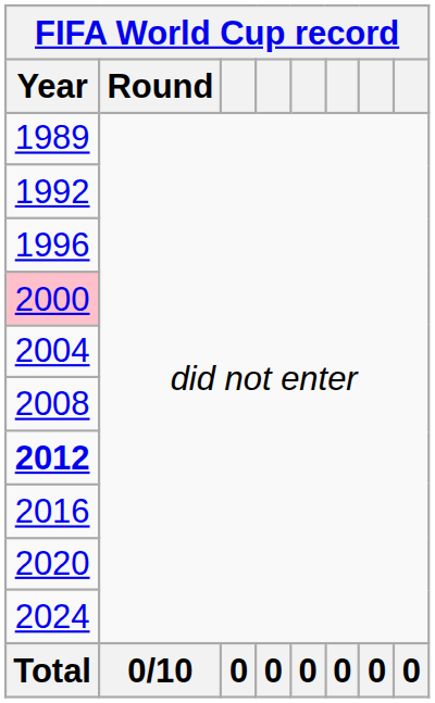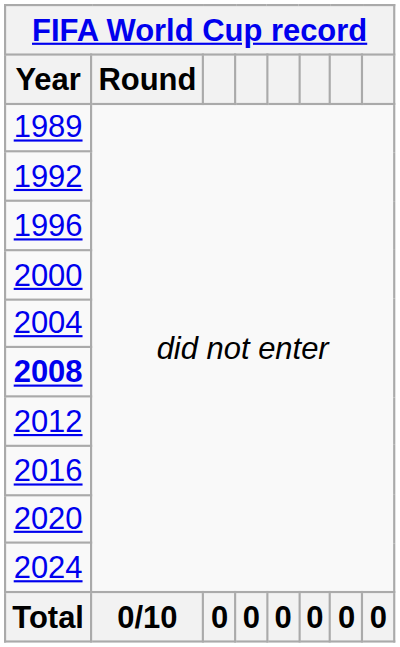 <table class="wikitable" style="text-align: center;font-size:90%;">
 <tr>
 <th colspan=8><a href='#'>FIFA World Cup record</a></th>
 </tr>
 <tr>
 <th>Year</th>
 <th>Round</th>
 <th></th>
 <th></th>
 <th></th>
 <th></th>
 <th></th>
 <th></th>
 </tr>
 <tr>
 <td> <a href='#'>1989</a></td>
 <td colspan=8 rowspan=10><em>did not enter</em></td>
 </tr>
 <tr>
 <td> <a href='#'>1992</a></td>
 </tr>
 <tr>
 <td> <a href='#'>1996</a></td>
 </tr>
 <tr>
-<td style="background: pink;"> <a href='#'>2000</a></td>
+<td> <a href='#'>2000</a></td>
 </tr>
 <tr>
 <td> <a href='#'>2004</a></td>
 </tr>
 <tr>
-<td> <a href='#'>2008</a></td>
+<td><strong> <a href='#'>2008</a></strong></td>
 </tr>
 <tr>
-<td><strong> <a href='#'>2012</a></strong></td>
+<td> <a href='#'>2012</a></td>
 </tr>
 <tr>
 <td> <a href='#'>2016</a></td>
 </tr>
 <tr>
 <td> <a href='#'>2020</a></td>
 </tr>
 <tr>
 <td> <a href='#'>2024</a></td>
 </tr>
 <tr>
 <th>Total</th>
 <th>0/10</th>
 <th>0</th>
 <th>0</th>
 <th>0</th>
 <th>0</th>
 <th>0</th>
 <th>0</th>
 </tr>
 </table>
